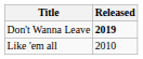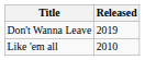 <table class="wikitable">
 <tr>
 <th>Title</th>
 <th>Released</th>
 </tr>
 <tr>
 <td>Don't Wanna Leave</td>
-<td><strong>2019</strong></td>
+<td>2019</td>
 </tr>
 <tr>
 <td>Like 'em all</td>
 <td>2010</td>
 </tr>
 </table>
